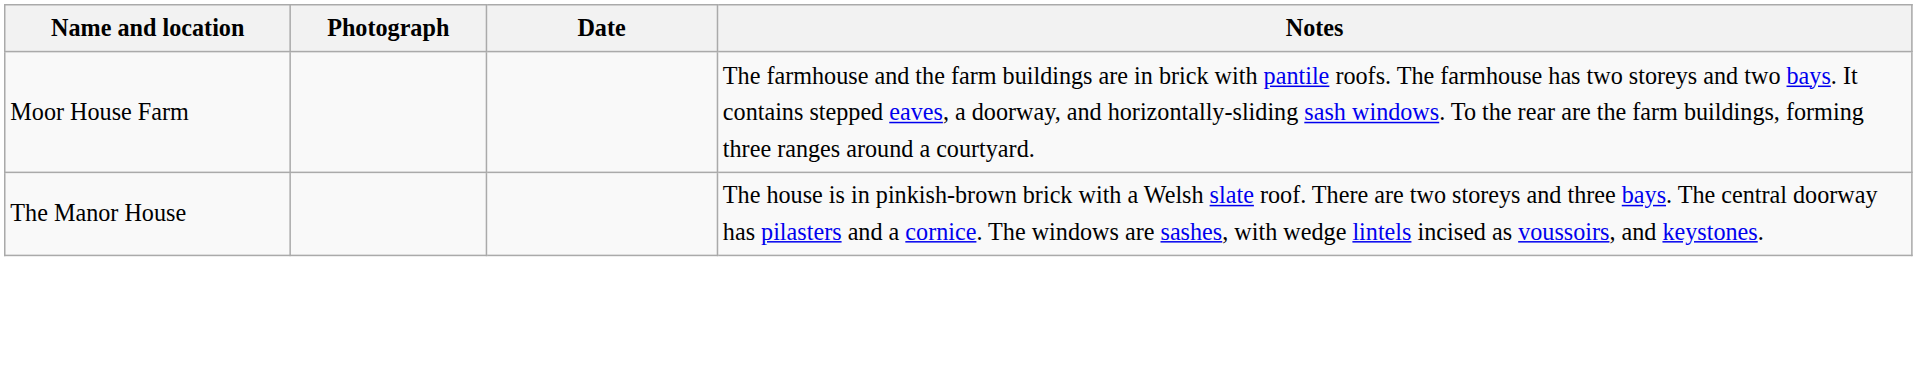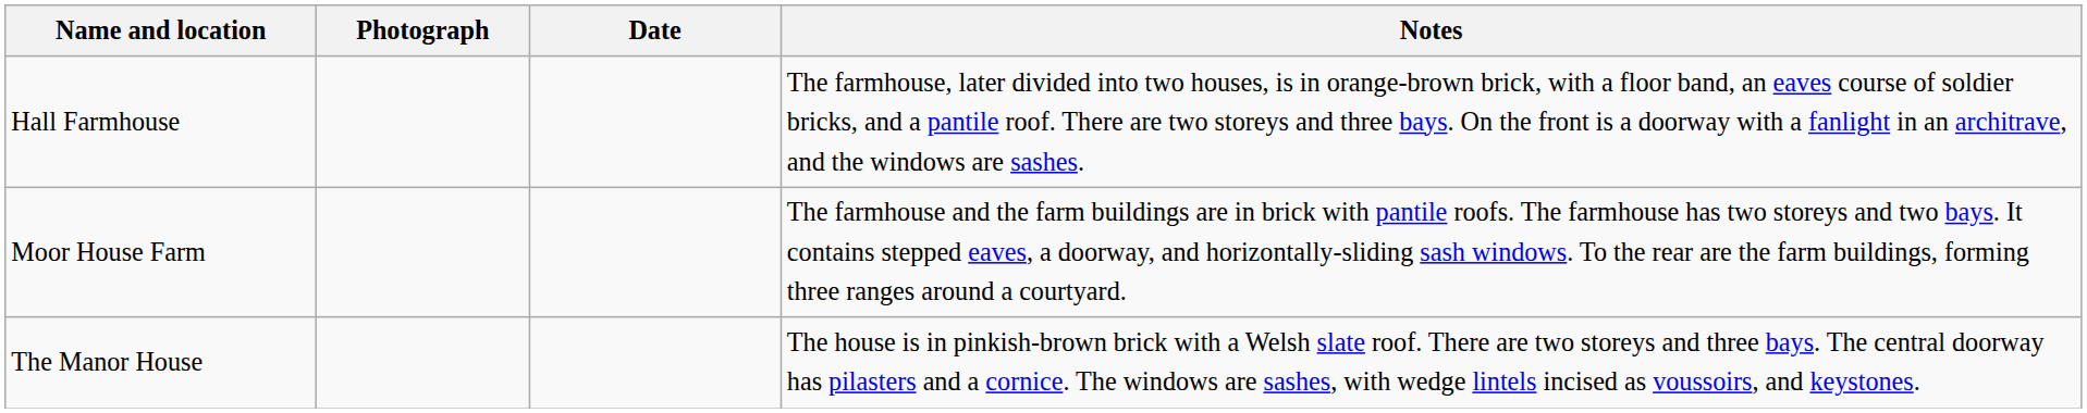 <table class="wikitable sortable plainrowheaders" style="width:100%;border:0px;text-align:left;line-height:150%;">
 <tr>
 <th scope="col"  style="width:150px">Name and location</th>
 <th scope="col"  style="width:100px" class="unsortable">Photograph</th>
 <th scope="col"  style="width:120px">Date</th>
 <th scope="col"  style="width:650px" class="unsortable">Notes</th>
+</tr>
+<tr>
+<td>Hall Farmhouse<br><small></small></td>
+<td></td>
+<td align="center"></td>
+<td>The farmhouse, later divided into two houses, is in orange-brown brick, with a floor band, an <a href='#'>eaves</a> course of soldier bricks, and a <a href='#'>pantile</a> roof. There are two storeys and three <a href='#'>bays</a>. On the front is a doorway with a <a href='#'>fanlight</a> in an <a href='#'>architrave</a>, and the windows are <a href='#'>sashes</a>.</td>
 </tr>
 <tr>
 <td>Moor House Farm<br><small></small></td>
 <td></td>
 <td align="center"></td>
 <td>The farmhouse and the farm buildings are in brick with <a href='#'>pantile</a> roofs. The farmhouse has two storeys and two <a href='#'>bays</a>. It contains stepped <a href='#'>eaves</a>, a doorway, and horizontally-sliding <a href='#'>sash windows</a>. To the rear are the farm buildings, forming three ranges around a courtyard.</td>
 </tr>
 <tr>
 <td>The Manor House<br><small></small></td>
 <td></td>
 <td align="center"></td>
 <td>The house is in pinkish-brown brick with a Welsh <a href='#'>slate</a> roof. There are two storeys and three <a href='#'>bays</a>. The central doorway has <a href='#'>pilasters</a> and a <a href='#'>cornice</a>. The windows are <a href='#'>sashes</a>, with wedge <a href='#'>lintels</a> incised as <a href='#'>voussoirs</a>, and <a href='#'>keystones</a>.</td>
 </tr>
 <tr>
 </tr>
 </table>
